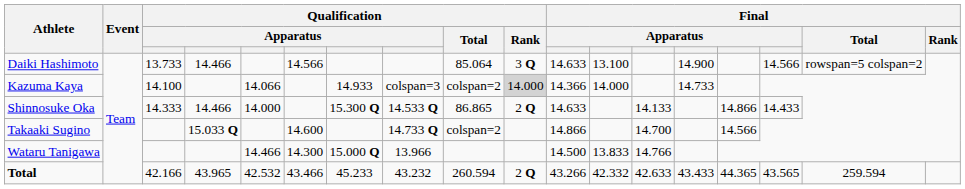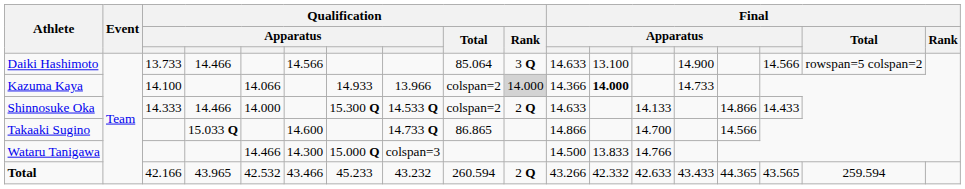 <table class="wikitable" style="font-size:90%">
 <tr>
 <th rowspan=3>Athlete</th>
 <th rowspan=3>Event</th>
 <th colspan =8>Qualification</th>
 <th colspan =8>Final</th>
 </tr>
 <tr style="font-size:95%">
 <th colspan=6>Apparatus</th>
 <th rowspan=2>Total</th>
 <th rowspan=2>Rank</th>
 <th colspan=6>Apparatus</th>
 <th rowspan=2>Total</th>
 <th rowspan=2>Rank</th>
 </tr>
 <tr style="font-size:95%">
 <th></th>
 <th></th>
 <th></th>
 <th></th>
 <th></th>
 <th></th>
 <th></th>
 <th></th>
 <th></th>
 <th></th>
 <th></th>
 <th></th>
 </tr>
 <tr align=center>
 <td align=left><a href='#'>Daiki Hashimoto</a></td>
 <td align=left rowspan=6><a href='#'>Team</a></td>
 <td>13.733</td>
 <td>14.466</td>
 <td></td>
 <td>14.566</td>
 <td></td>
 <td></td>
 <td>85.064</td>
 <td>3 <strong>Q</strong></td>
 <td>14.633</td>
 <td>13.100</td>
 <td></td>
 <td>14.900</td>
 <td></td>
 <td>14.566</td>
 <td>rowspan=5 colspan=2 </td>
 </tr>
 <tr align=center>
 <td align=left><a href='#'>Kazuma Kaya</a></td>
 <td>14.100</td>
 <td></td>
 <td>14.066</td>
 <td></td>
 <td>14.933</td>
-<td>colspan=3 </td>
+<td>13.966</td>
 <td>colspan=2 </td>
 <td style="background: lightgrey;">14.000</td>
 <td>14.366</td>
-<td>14.000</td>
+<td><strong>14.000</strong></td>
 <td></td>
 <td>14.733</td>
 <td></td>
 </tr>
 <tr align=center>
 <td align=left><a href='#'>Shinnosuke Oka</a></td>
 <td>14.333</td>
 <td>14.466</td>
 <td>14.000</td>
 <td></td>
 <td>15.300 <strong>Q</strong></td>
 <td>14.533 <strong>Q</strong></td>
-<td>86.865</td>
+<td>colspan=2 </td>
 <td>2 <strong>Q</strong></td>
 <td>14.633</td>
 <td></td>
 <td>14.133</td>
 <td></td>
 <td>14.866</td>
 <td>14.433</td>
 </tr>
 <tr align=center>
 <td align=left><a href='#'>Takaaki Sugino</a></td>
 <td></td>
 <td>15.033 <strong>Q</strong></td>
 <td></td>
 <td>14.600</td>
 <td></td>
 <td>14.733 <strong>Q</strong></td>
-<td>colspan=2 </td>
+<td>86.865</td>
 <td></td>
 <td>14.866</td>
 <td></td>
 <td>14.700</td>
 <td></td>
 <td>14.566</td>
 </tr>
 <tr align=center>
 <td align=left><a href='#'>Wataru Tanigawa</a></td>
 <td></td>
 <td></td>
 <td>14.466</td>
 <td>14.300</td>
 <td>15.000 <strong>Q</strong></td>
-<td>13.966</td>
+<td>colspan=3 </td>
 <td></td>
 <td></td>
 <td>14.500</td>
 <td>13.833</td>
 <td>14.766</td>
 <td></td>
 </tr>
 <tr align=center>
 <td align=left><strong>Total</strong></td>
 <td>42.166</td>
 <td>43.965</td>
 <td>42.532</td>
 <td>43.466</td>
 <td>45.233</td>
 <td>43.232</td>
 <td>260.594</td>
 <td>2 <strong>Q</strong></td>
 <td>43.266</td>
 <td>42.332</td>
 <td>42.633</td>
 <td>43.433</td>
 <td>44.365</td>
 <td>43.565</td>
 <td>259.594</td>
 <td></td>
 </tr>
 </table>
